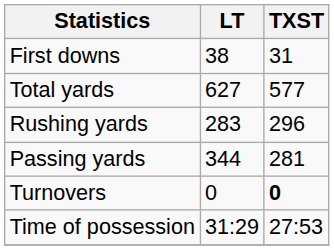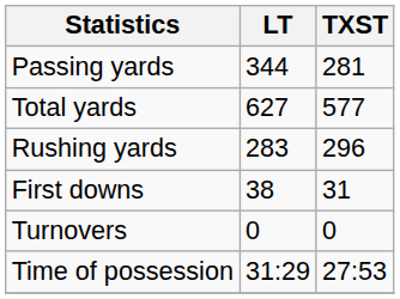 <table class="wikitable">
 <tr>
 <th>Statistics</th>
 <th>LT</th>
 <th>TXST</th>
 </tr>
 <tr>
-<td>First downs</td>
-<td>38</td>
-<td>31</td>
+<td>Passing yards</td>
+<td>344</td>
+<td>281</td>
 </tr>
 <tr>
 <td>Total yards</td>
 <td>627</td>
 <td>577</td>
 </tr>
 <tr>
 <td>Rushing yards</td>
 <td>283</td>
 <td>296</td>
 </tr>
 <tr>
-<td>Passing yards</td>
-<td>344</td>
-<td>281</td>
+<td>First downs</td>
+<td>38</td>
+<td>31</td>
 </tr>
 <tr>
 <td>Turnovers</td>
 <td>0</td>
-<td><strong>0</strong></td>
+<td>0</td>
 </tr>
 <tr>
 <td>Time of possession</td>
 <td>31:29</td>
 <td>27:53</td>
 </tr>
 <tr>
 </tr>
 </table>
